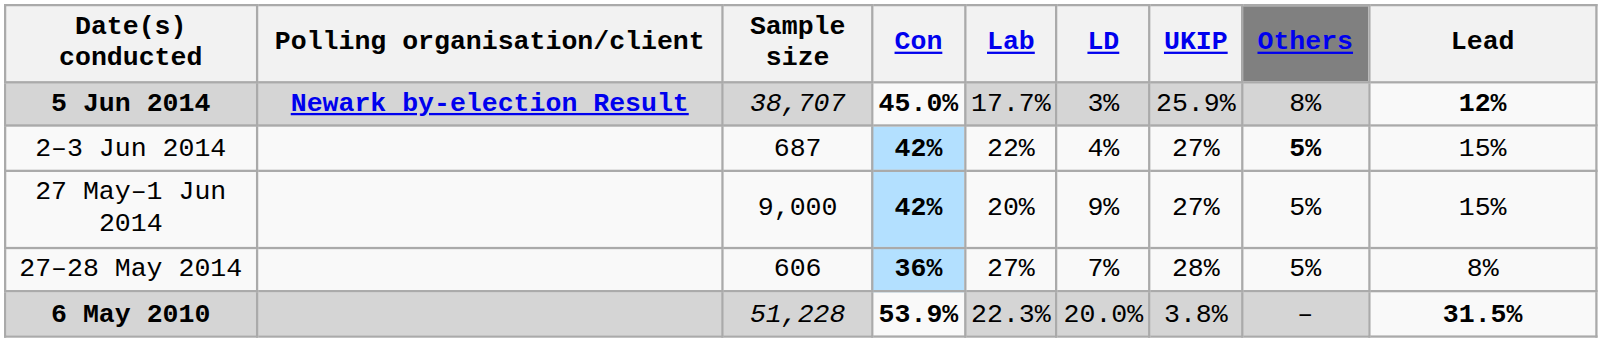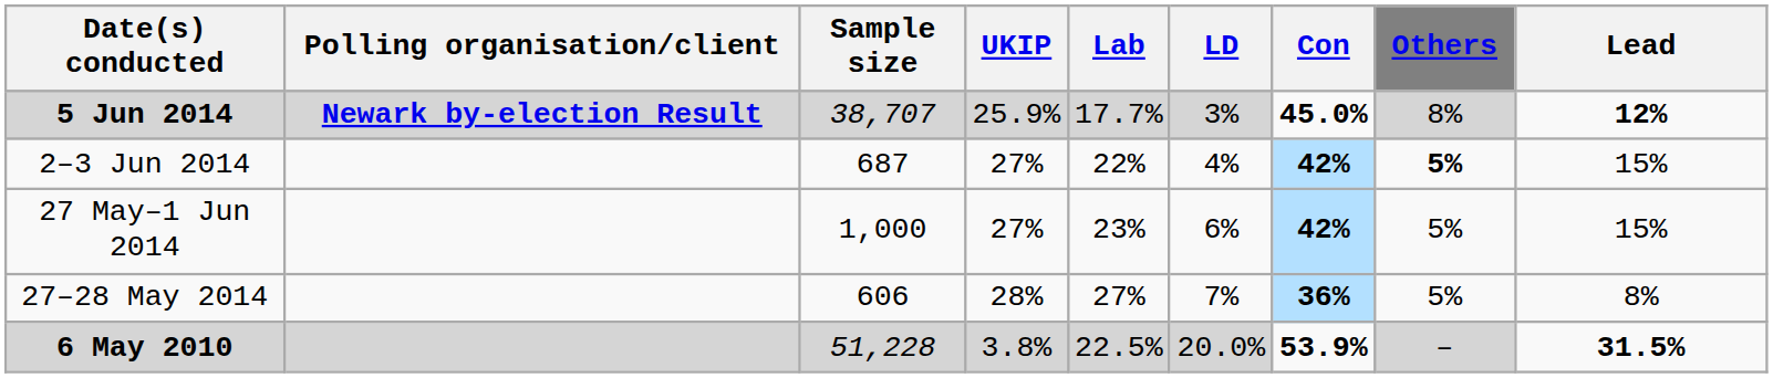 <table class="wikitable sortable" style="text-align:center;font-size:90%;line-height:14px">
 <tr>
 <th ! style="width:105px;">Date(s)<br>conducted</th>
 <th style="width:200px;">Polling organisation/client</th>
 <th class="unsortable" style="width:60px;">Sample size</th>
-<th class="unsortable" style="background:"><a href='#'><span>Con</span></a></th>
+<th class="unsortable" style="background:"><a href='#'><span>UKIP</span></a></th>
 <th class="unsortable" style="background:"><a href='#'><span>Lab</span></a></th>
 <th class="unsortable" style="background:"><a href='#'><span>LD</span></a></th>
-<th class="unsortable" style="background:"><a href='#'><span>UKIP</span></a></th>
+<th class="unsortable" style="background:"><a href='#'><span>Con</span></a></th>
 <th class="unsortable" style="background:gray; width:50px;"><a href='#'><span>Others</span></a></th>
 <th class="unsortable" style="width:95px;">Lead</th>
 </tr>
 <tr>
 <td style="background:#D5D5D5"><strong>5 Jun 2014</strong></td>
 <td style="background:#D5D5D5"><strong><a href='#'>Newark by-election Result</a></strong></td>
 <td style="background:#D5D5D5"><em>38,707</em></td>
-<td style="background:"><strong>45.0%</strong></td>
+<td style="background:#D5D5D5">25.9%</td>
 <td style="background:#D5D5D5">17.7%</td>
 <td style="background:#D5D5D5">3%</td>
-<td style="background:#D5D5D5">25.9%</td>
+<td style="background:"><strong>45.0%</strong></td>
 <td style="background:#D5D5D5">8%</td>
 <td style="background:"><strong>12% </strong></td>
 </tr>
 <tr>
 <td>2–3 Jun 2014</td>
 <td></td>
 <td>687</td>
-<td style="background:#B3E0FF"><strong>42%</strong></td>
+<td>27%</td>
 <td>22%</td>
 <td>4%</td>
-<td>27%</td>
+<td style="background:#B3E0FF"><strong>42%</strong></td>
 <td><strong>5%</strong></td>
 <td style="background:">15%</td>
 </tr>
 <tr>
 <td>27 May–1 Jun 2014</td>
 <td></td>
-<td>9,000</td>
+<td>1,000</td>
+<td>27%</td>
+<td>23%</td>
+<td>6%</td>
 <td style="background:#B3E0FF"><strong>42%</strong></td>
-<td>20%</td>
-<td>9%</td>
-<td>27%</td>
 <td>5%</td>
 <td style="background:">15%</td>
 </tr>
 <tr>
 <td>27–28 May 2014</td>
 <td></td>
 <td>606</td>
-<td style="background:#B3E0FF"><strong>36%</strong></td>
+<td>28%</td>
 <td>27%</td>
 <td>7%</td>
-<td>28%</td>
+<td style="background:#B3E0FF"><strong>36%</strong></td>
 <td>5%</td>
 <td style="background:">8%</td>
 </tr>
 <tr>
 <td style="background:#D5D5D5"><strong>6 May 2010</strong></td>
 <td style="background:#D5D5D5"></td>
 <td style="background:#D5D5D5"><em>51,228</em></td>
+<td style="background:#D5D5D5">3.8%</td>
+<td style="background:#D5D5D5">22.5%</td>
+<td style="background:#D5D5D5">20.0%</td>
 <td style="background:"><strong>53.9%</strong></td>
-<td style="background:#D5D5D5">22.3%</td>
-<td style="background:#D5D5D5">20.0%</td>
-<td style="background:#D5D5D5">3.8%</td>
 <td style="background:#D5D5D5">–</td>
 <td style="background:"><strong>31.5% </strong></td>
 </tr>
 </table>
